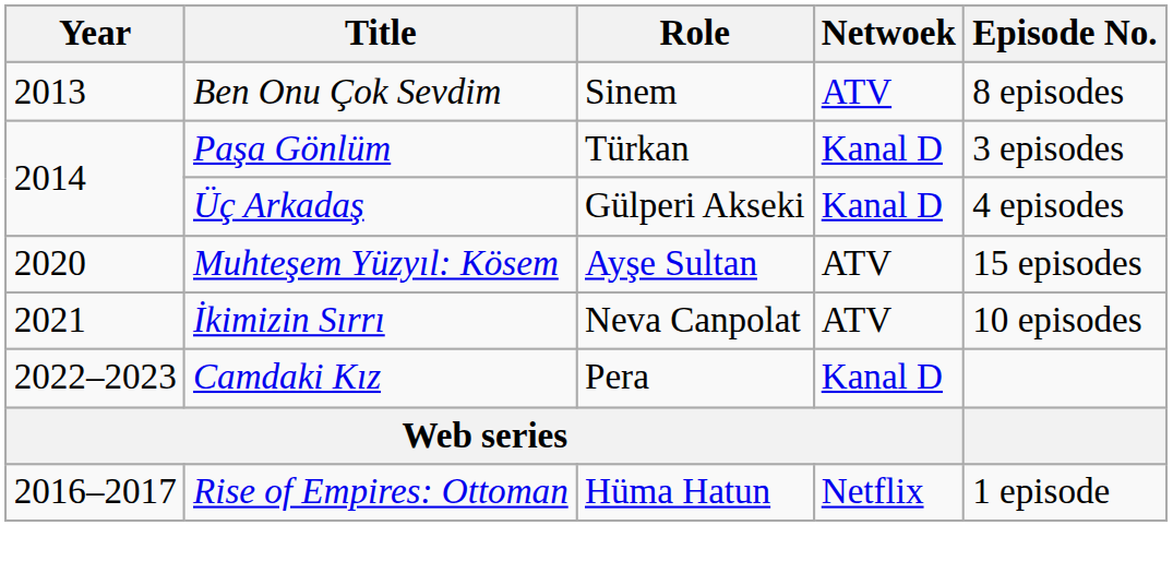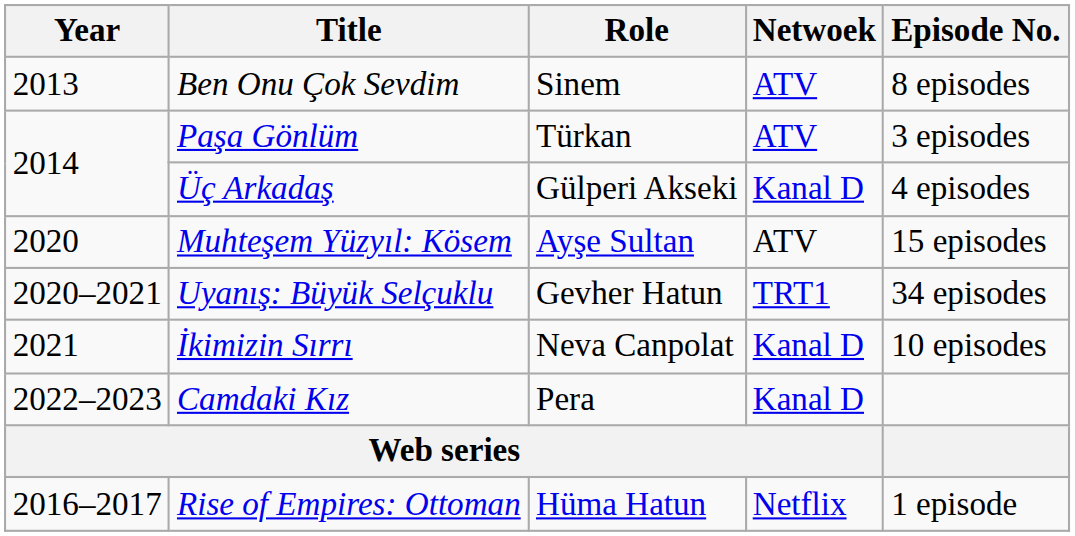 <table class="wikitable">
 <tr>
 <th>Year</th>
 <th>Title</th>
 <th>Role</th>
 <th>Netwoek</th>
 <th>Episode No.</th>
 </tr>
 <tr>
 <td>2013</td>
 <td><em>Ben Onu Çok Sevdim</em></td>
 <td>Sinem</td>
 <td><a href='#'>ATV</a></td>
 <td>8 episodes</td>
 </tr>
 <tr>
 <td rowspan="2">2014</td>
 <td><em><a href='#'>Paşa Gönlüm</a></em></td>
 <td>Türkan</td>
-<td><a href='#'>Kanal D</a></td>
+<td><a href='#'>ATV</a></td>
 <td>3 episodes</td>
 </tr>
 <tr>
 <td><em><a href='#'>Üç Arkadaş</a></em></td>
 <td>Gülperi Akseki</td>
 <td><a href='#'>Kanal D</a></td>
 <td>4 episodes</td>
 </tr>
 <tr>
 <td>2020</td>
 <td><em><a href='#'>Muhteşem Yüzyıl: Kösem</a></em></td>
 <td><a href='#'>Ayşe Sultan</a></td>
 <td>ATV</td>
 <td>15 episodes</td>
 </tr>
 <tr>
+<td>2020–2021</td>
+<td><em><a href='#'>Uyanış: Büyük Selçuklu</a></em></td>
+<td>Gevher Hatun</td>
+<td><a href='#'>TRT1</a></td>
+<td>34 episodes</td>
+</tr>
+<tr>
 <td>2021</td>
 <td><em><a href='#'>İkimizin Sırrı</a></em></td>
 <td>Neva Canpolat</td>
-<td>ATV</td>
+<td><a href='#'>Kanal D</a></td>
 <td>10 episodes</td>
 </tr>
 <tr>
 <td>2022–2023</td>
 <td><em><a href='#'>Camdaki Kız</a></em></td>
 <td>Pera</td>
 <td><a href='#'>Kanal D</a></td>
 <td></td>
 </tr>
 <tr>
 <th colspan="4" style="“background:#8C645B”">Web series</th>
 <th></th>
 </tr>
 <tr>
 <td>2016–2017</td>
 <td><em><a href='#'>Rise of Empires: Ottoman</a></em></td>
 <td><a href='#'>Hüma Hatun</a></td>
 <td><a href='#'>Netflix</a></td>
 <td>1 episode</td>
 </tr>
 </table>
